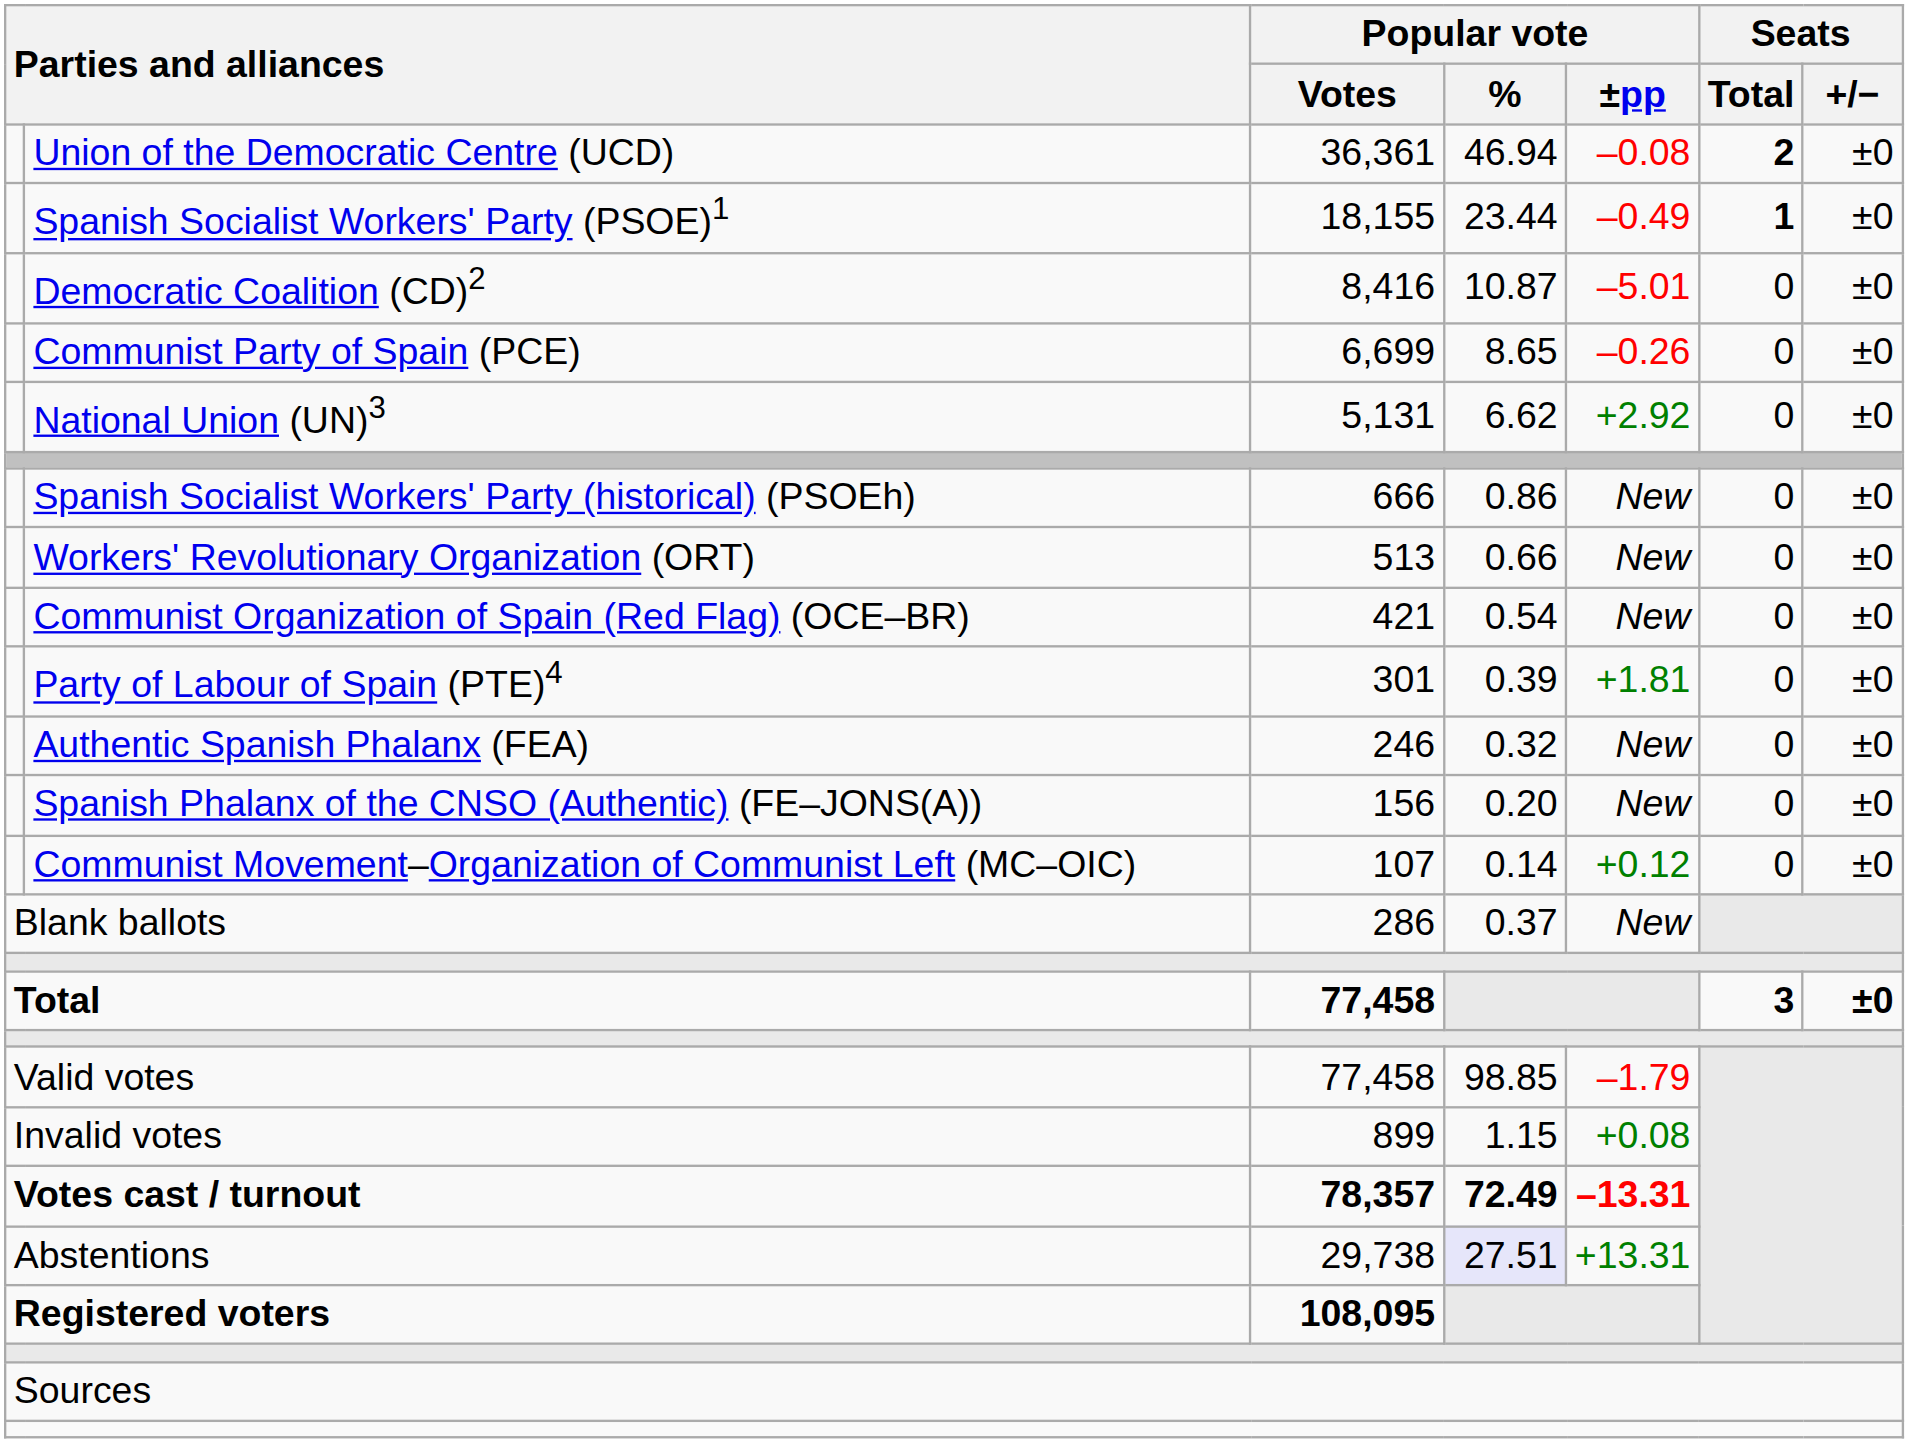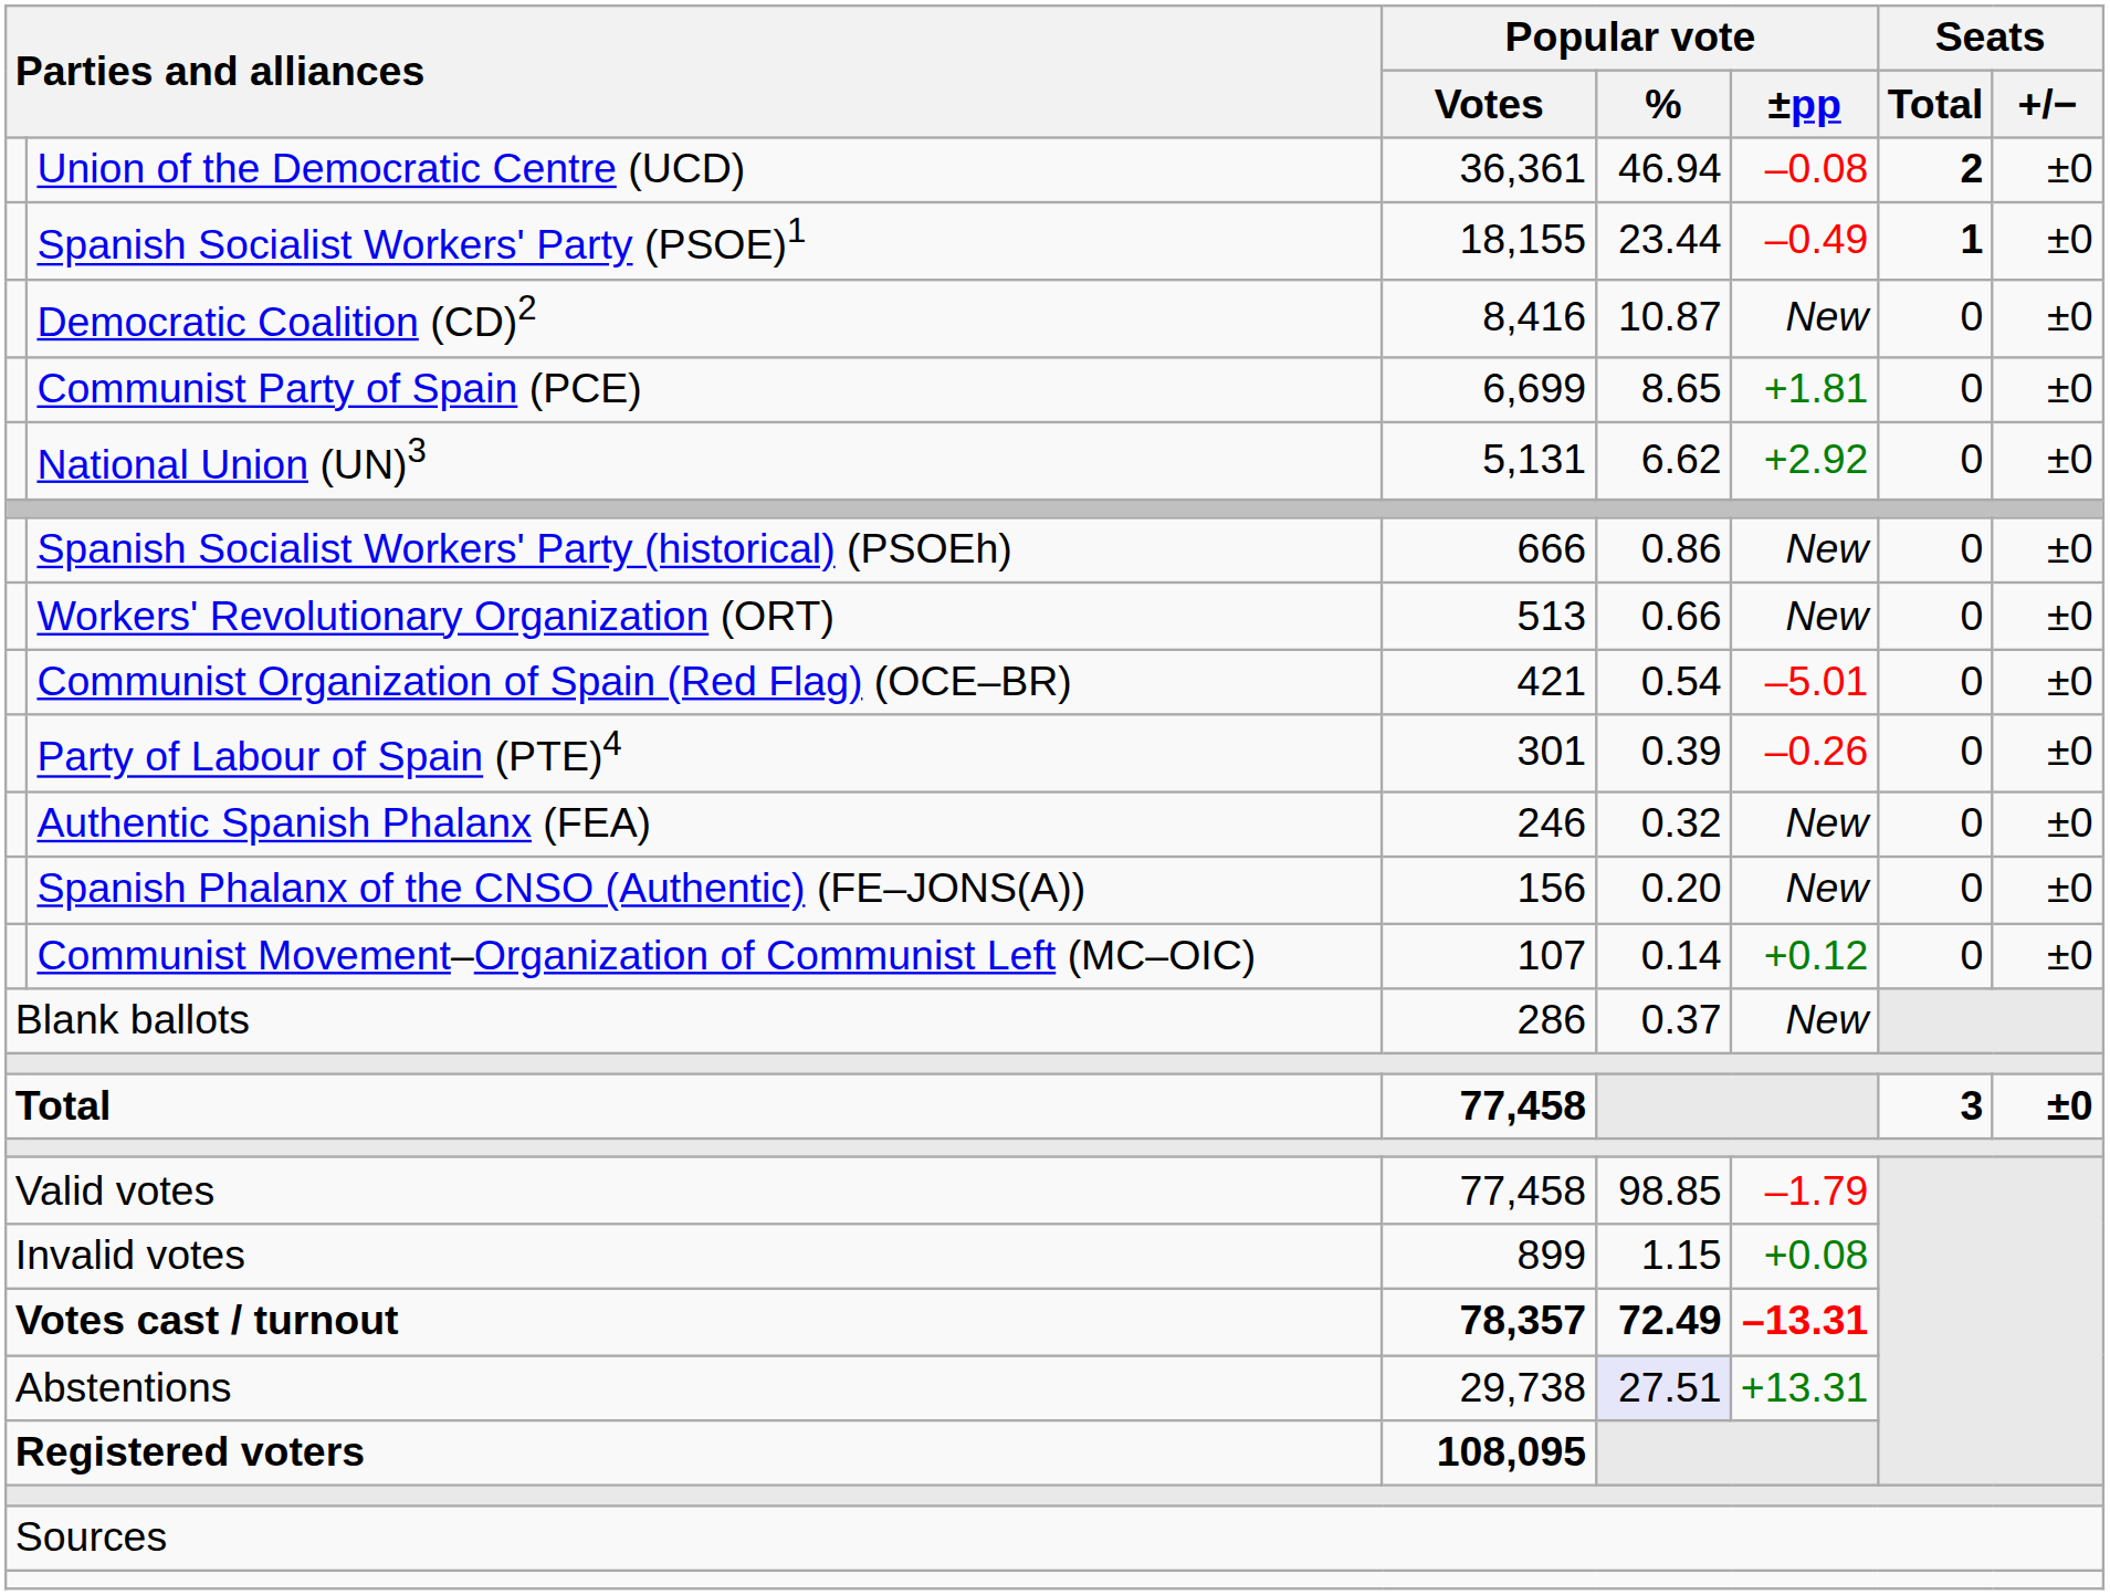 <table class="wikitable" style="text-align:right;">
 <tr>
 <th style="text-align:left;" rowspan="2" colspan="2" width="525">Parties and alliances</th>
 <th colspan="3">Popular vote</th>
 <th colspan="2">Seats</th>
 </tr>
 <tr>
 <th width="75">Votes</th>
 <th width="45">%</th>
 <th width="45">±<a href='#'>pp</a></th>
 <th width="35">Total</th>
 <th width="35">+/−</th>
 </tr>
 <tr>
 <td width="1" style="color:inherit;background:"></td>
 <td align="left"><a href='#'>Union of the Democratic Centre</a> (UCD)</td>
 <td>36,361</td>
 <td>46.94</td>
 <td style="color:red;">–0.08</td>
 <td><strong>2</strong></td>
 <td>±0</td>
 </tr>
 <tr>
 <td style="color:inherit;background:"></td>
 <td align="left"><a href='#'>Spanish Socialist Workers' Party</a> (PSOE)<sup>1</sup></td>
 <td>18,155</td>
 <td>23.44</td>
 <td style="color:red;">–0.49</td>
 <td><strong>1</strong></td>
 <td>±0</td>
 </tr>
 <tr>
 <td style="color:inherit;background:"></td>
 <td align="left"><a href='#'>Democratic Coalition</a> (CD)<sup>2</sup></td>
 <td>8,416</td>
 <td>10.87</td>
-<td style="color:red;">–5.01</td>
+<td><em>New</em></td>
 <td>0</td>
 <td>±0</td>
 </tr>
 <tr>
 <td style="color:inherit;background:"></td>
 <td align="left"><a href='#'>Communist Party of Spain</a> (PCE)</td>
 <td>6,699</td>
 <td>8.65</td>
-<td style="color:red;">–0.26</td>
+<td style="color:green;">+1.81</td>
 <td>0</td>
 <td>±0</td>
 </tr>
 <tr>
 <td style="color:inherit;background:"></td>
 <td align="left"><a href='#'>National Union</a> (UN)<sup>3</sup></td>
 <td>5,131</td>
 <td>6.62</td>
 <td style="color:green;">+2.92</td>
 <td>0</td>
 <td>±0</td>
 </tr>
 <tr>
 <td colspan="7" bgcolor="#C0C0C0"></td>
 </tr>
 <tr>
 <td style="color:inherit;background:"></td>
 <td align="left"><a href='#'>Spanish Socialist Workers' Party (historical)</a> (PSOEh)</td>
 <td>666</td>
 <td>0.86</td>
 <td><em>New</em></td>
 <td>0</td>
 <td>±0</td>
 </tr>
 <tr>
 <td style="color:inherit;background:"></td>
 <td align="left"><a href='#'>Workers' Revolutionary Organization</a> (ORT)</td>
 <td>513</td>
 <td>0.66</td>
 <td><em>New</em></td>
 <td>0</td>
 <td>±0</td>
 </tr>
 <tr>
 <td style="color:inherit;background:"></td>
 <td align="left"><a href='#'>Communist Organization of Spain (Red Flag)</a> (OCE–BR)</td>
 <td>421</td>
 <td>0.54</td>
-<td><em>New</em></td>
+<td style="color:red;">–5.01</td>
 <td>0</td>
 <td>±0</td>
 </tr>
 <tr>
 <td style="color:inherit;background:"></td>
 <td align="left"><a href='#'>Party of Labour of Spain</a> (PTE)<sup>4</sup></td>
 <td>301</td>
 <td>0.39</td>
-<td style="color:green;">+1.81</td>
+<td style="color:red;">–0.26</td>
 <td>0</td>
 <td>±0</td>
 </tr>
 <tr>
 <td style="color:inherit;background:"></td>
 <td align="left"><a href='#'>Authentic Spanish Phalanx</a> (FEA)</td>
 <td>246</td>
 <td>0.32</td>
 <td><em>New</em></td>
 <td>0</td>
 <td>±0</td>
 </tr>
 <tr>
 <td style="color:inherit;background:"></td>
 <td align="left"><a href='#'>Spanish Phalanx of the CNSO (Authentic)</a> (FE–JONS(A))</td>
 <td>156</td>
 <td>0.20</td>
 <td><em>New</em></td>
 <td>0</td>
 <td>±0</td>
 </tr>
 <tr>
 <td style="color:inherit;background:"></td>
 <td align="left"><a href='#'>Communist Movement</a>–<a href='#'>Organization of Communist Left</a> (MC–OIC)</td>
 <td>107</td>
 <td>0.14</td>
 <td style="color:green;">+0.12</td>
 <td>0</td>
 <td>±0</td>
 </tr>
 <tr>
 <td align="left" colspan="2">Blank ballots</td>
 <td>286</td>
 <td>0.37</td>
 <td><em>New</em></td>
 <td bgcolor="#E9E9E9" colspan="2"></td>
 </tr>
 <tr>
 <td colspan="7" bgcolor="#E9E9E9"></td>
 </tr>
 <tr style="font-weight:bold;">
 <td align="left" colspan="2">Total</td>
 <td>77,458</td>
 <td bgcolor="#E9E9E9" colspan="2"></td>
 <td>3</td>
 <td>±0</td>
 </tr>
 <tr>
 <td colspan="7" bgcolor="#E9E9E9"></td>
 </tr>
 <tr>
 <td align="left" colspan="2">Valid votes</td>
 <td>77,458</td>
 <td>98.85</td>
 <td style="color:red;">–1.79</td>
 <td bgcolor="#E9E9E9" colspan="2" rowspan="5"></td>
 </tr>
 <tr>
 <td align="left" colspan="2">Invalid votes</td>
 <td>899</td>
 <td>1.15</td>
 <td style="color:green;">+0.08</td>
 </tr>
 <tr style="font-weight:bold;">
 <td align="left" colspan="2">Votes cast / turnout</td>
 <td>78,357</td>
 <td>72.49</td>
 <td style="color:red;">–13.31</td>
 </tr>
 <tr>
 <td align="left" colspan="2">Abstentions</td>
 <td>29,738</td>
 <td style="background: lavender;">27.51</td>
 <td style="color:green;">+13.31</td>
 </tr>
 <tr style="font-weight:bold;">
 <td align="left" colspan="2">Registered voters</td>
 <td>108,095</td>
 <td bgcolor="#E9E9E9" colspan="2"></td>
 </tr>
 <tr>
 <td colspan="7" bgcolor="#E9E9E9"></td>
 </tr>
 <tr>
 <td align="left" colspan="7">Sources</td>
 </tr>
 <tr>
 <td colspan="7" style="text-align:left; max-width:790px;"></td>
 </tr>
 </table>
